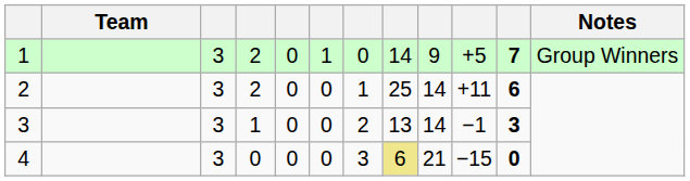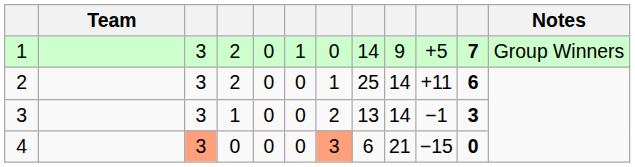 <table class="wikitable" style="text-align: center; font-size: 97%;">
 <tr>
 <th width="20"></th>
 <th width="110">Team</th>
 <th width="18"></th>
 <th width="22"></th>
 <th width="18"></th>
 <th width="18"></th>
 <th width="22"></th>
 <th width="18"></th>
 <th width="18"></th>
 <th width="25"></th>
 <th width="18"></th>
 <th width="105">Notes</th>
 </tr>
 <tr style="background-color: #ccffcc;">
 <td>1</td>
 <td align=left></td>
 <td>3</td>
 <td>2</td>
 <td>0</td>
 <td>1</td>
 <td>0</td>
 <td>14</td>
 <td>9</td>
 <td>+5</td>
 <td><strong>7</strong></td>
 <td>Group Winners</td>
 </tr>
 <tr>
 <td>2</td>
 <td align=left></td>
 <td>3</td>
 <td>2</td>
 <td>0</td>
 <td>0</td>
 <td>1</td>
 <td>25</td>
 <td>14</td>
 <td>+11</td>
 <td><strong>6</strong></td>
 <td rowspan="3"></td>
 </tr>
 <tr>
 <td>3</td>
 <td align=left></td>
 <td>3</td>
 <td>1</td>
 <td>0</td>
 <td>0</td>
 <td>2</td>
 <td>13</td>
 <td>14</td>
 <td>−1</td>
 <td><strong>3</strong></td>
 </tr>
 <tr>
 <td>4</td>
 <td align=left></td>
-<td>3</td>
+<td style="background: lightsalmon;">3</td>
 <td>0</td>
 <td>0</td>
 <td>0</td>
-<td>3</td>
-<td style="background: khaki;">6</td>
+<td style="background: lightsalmon;">3</td>
+<td>6</td>
 <td>21</td>
 <td>−15</td>
 <td><strong>0</strong></td>
 </tr>
 </table>
